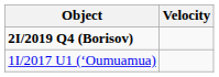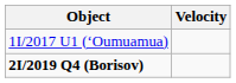 <table class="wikitable floatright">
 <tr>
 <th>Object</th>
 <th>Velocity</th>
 </tr>
 <tr>
+<td><a href='#'>1I/2017 U1 (ʻOumuamua)</a></td>
+<td></td>
+</tr>
+<tr>
 <td><strong>2I/2019 Q4 (Borisov)</strong></td>
 <td></td>
 </tr>
-<tr>
-<td><a href='#'>1I/2017 U1 (ʻOumuamua)</a></td>
-<td></td>
-</tr>
 </table>
